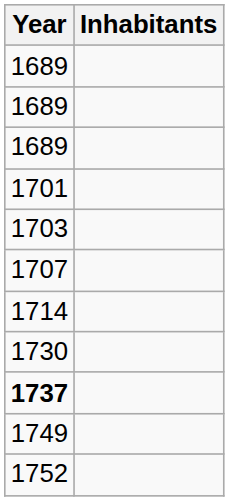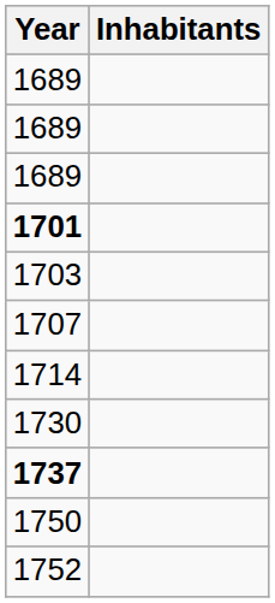 <table class="wikitable">
 <tr>
 <th>Year</th>
 <th>Inhabitants</th>
 </tr>
 <tr>
 <td>1689</td>
 <td align="right"></td>
 </tr>
 <tr>
 <td>1689</td>
 <td align="right"></td>
 </tr>
 <tr>
 <td>1689</td>
 <td align="right"></td>
 </tr>
 <tr>
-<td>1701</td>
+<td><strong>1701</strong></td>
 <td align="right"></td>
 </tr>
 <tr>
 <td>1703</td>
 <td align="right"></td>
 </tr>
 <tr>
 <td>1707</td>
 <td align="right"></td>
 </tr>
 <tr>
 <td>1714</td>
 <td align="right"></td>
 </tr>
 <tr>
 <td>1730</td>
 <td align="right"></td>
 </tr>
 <tr>
 <td><strong>1737</strong></td>
 <td align="right"></td>
 </tr>
 <tr>
-<td>1749</td>
+<td>1750</td>
 <td align="right"></td>
 </tr>
 <tr>
 <td>1752</td>
 <td align="right"></td>
 </tr>
 </table>
